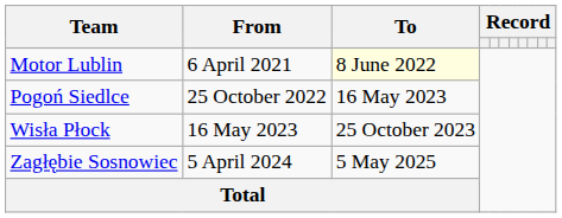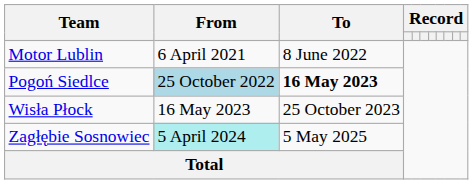 <table class="wikitable" style="text-align: center;">
 <tr>
 <th rowspan="2">Team</th>
 <th rowspan="2">From</th>
 <th rowspan="2">To</th>
 <th colspan="8">Record</th>
 </tr>
 <tr>
 <th></th>
 <th></th>
 <th></th>
 <th></th>
 <th></th>
 <th></th>
 <th></th>
 <th></th>
 </tr>
 <tr>
 <td align=left><a href='#'>Motor Lublin</a></td>
 <td align=left>6 April 2021</td>
-<td align=left style="background: lightyellow;">8 June 2022<br></td>
+<td align=left>8 June 2022<br></td>
 </tr>
 <tr>
 <td align=left><a href='#'>Pogoń Siedlce</a></td>
-<td align=left>25 October 2022</td>
-<td align=left>16 May 2023<br></td>
+<td align=left style="background: lightblue;">25 October 2022</td>
+<td align=left><strong>16 May 2023<br></strong></td>
 </tr>
 <tr>
 <td align=left><a href='#'>Wisła Płock</a></td>
 <td align=left>16 May 2023</td>
 <td align=left>25 October 2023<br></td>
 </tr>
 <tr>
 <td align=left><a href='#'>Zagłębie Sosnowiec</a></td>
-<td align=left>5 April 2024</td>
+<td align=left style="background: paleturquoise;">5 April 2024</td>
 <td align=left>5 May 2025<br></td>
 </tr>
 <tr>
 <th colspan="3">Total<br></th>
 </tr>
 </table>
